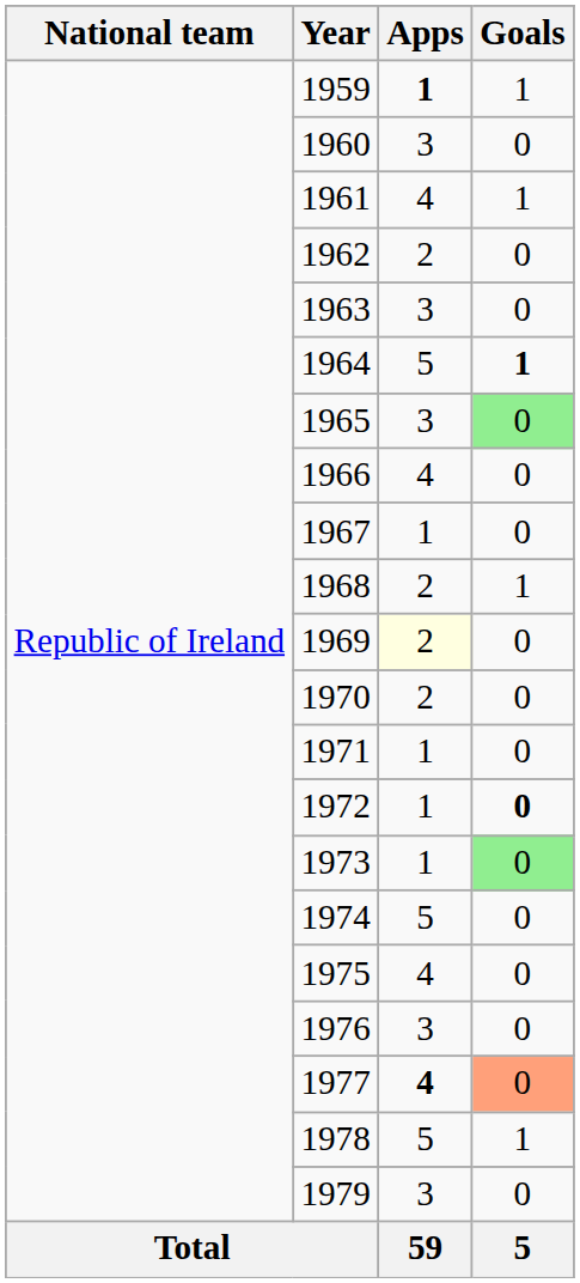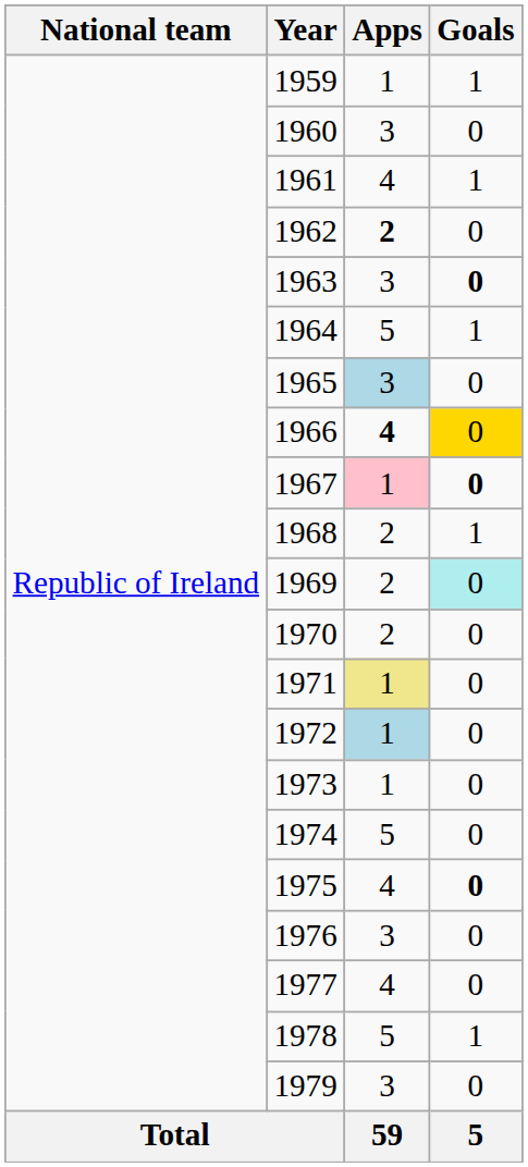 <table class="wikitable" style="text-align:center">
 <tr>
 <th>National team</th>
 <th>Year</th>
 <th>Apps</th>
 <th>Goals</th>
 </tr>
 <tr>
 <td rowspan="21"><a href='#'>Republic of Ireland</a></td>
 <td>1959</td>
-<td><strong>1</strong></td>
+<td>1</td>
 <td>1</td>
 </tr>
 <tr>
 <td>1960</td>
 <td>3</td>
 <td>0</td>
 </tr>
 <tr>
 <td>1961</td>
 <td>4</td>
 <td>1</td>
 </tr>
 <tr>
 <td>1962</td>
-<td>2</td>
+<td><strong>2</strong></td>
 <td>0</td>
 </tr>
 <tr>
 <td>1963</td>
 <td>3</td>
-<td>0</td>
+<td><strong>0</strong></td>
 </tr>
 <tr>
 <td>1964</td>
 <td>5</td>
-<td><strong>1</strong></td>
+<td>1</td>
 </tr>
 <tr>
 <td>1965</td>
-<td>3</td>
-<td style="background: lightgreen;">0</td>
+<td style="background: lightblue;">3</td>
+<td>0</td>
 </tr>
 <tr>
 <td>1966</td>
-<td>4</td>
-<td>0</td>
+<td><strong>4</strong></td>
+<td style="background: gold;">0</td>
 </tr>
 <tr>
 <td>1967</td>
-<td>1</td>
-<td>0</td>
+<td style="background: pink;">1</td>
+<td><strong>0</strong></td>
 </tr>
 <tr>
 <td>1968</td>
 <td>2</td>
 <td>1</td>
 </tr>
 <tr>
 <td>1969</td>
-<td style="background: lightyellow;">2</td>
-<td>0</td>
+<td>2</td>
+<td style="background: paleturquoise;">0</td>
 </tr>
 <tr>
 <td>1970</td>
 <td>2</td>
 <td>0</td>
 </tr>
 <tr>
 <td>1971</td>
-<td>1</td>
+<td style="background: khaki;">1</td>
 <td>0</td>
 </tr>
 <tr>
 <td>1972</td>
-<td>1</td>
-<td><strong>0</strong></td>
+<td style="background: lightblue;">1</td>
+<td>0</td>
 </tr>
 <tr>
 <td>1973</td>
 <td>1</td>
-<td style="background: lightgreen;">0</td>
+<td>0</td>
 </tr>
 <tr>
 <td>1974</td>
 <td>5</td>
 <td>0</td>
 </tr>
 <tr>
 <td>1975</td>
 <td>4</td>
-<td>0</td>
+<td><strong>0</strong></td>
 </tr>
 <tr>
 <td>1976</td>
 <td>3</td>
 <td>0</td>
 </tr>
 <tr>
 <td>1977</td>
-<td><strong>4</strong></td>
-<td style="background: lightsalmon;">0</td>
+<td>4</td>
+<td>0</td>
 </tr>
 <tr>
 <td>1978</td>
 <td>5</td>
 <td>1</td>
 </tr>
 <tr>
 <td>1979</td>
 <td>3</td>
 <td>0</td>
 </tr>
 <tr>
 <th colspan="2">Total</th>
 <th>59</th>
 <th>5</th>
 </tr>
 </table>
